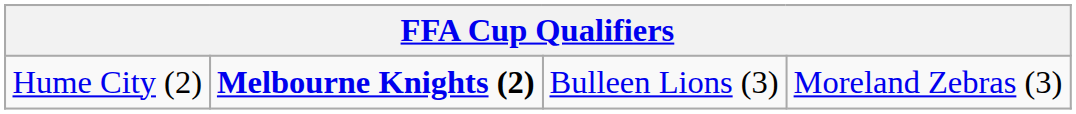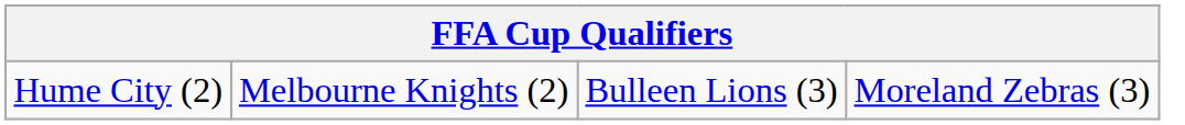 <table class="wikitable" style="text-align:center">
 <tr>
 <th colspan=4><a href='#'>FFA Cup Qualifiers</a></th>
 </tr>
 <tr>
 <td><a href='#'>Hume City</a> (2)</td>
-<td><strong><a href='#'>Melbourne Knights</a> (2)</strong></td>
+<td><a href='#'>Melbourne Knights</a> (2)</td>
 <td><a href='#'>Bulleen Lions</a> (3)</td>
 <td><a href='#'>Moreland Zebras</a> (3)</td>
 </tr>
 </table>
